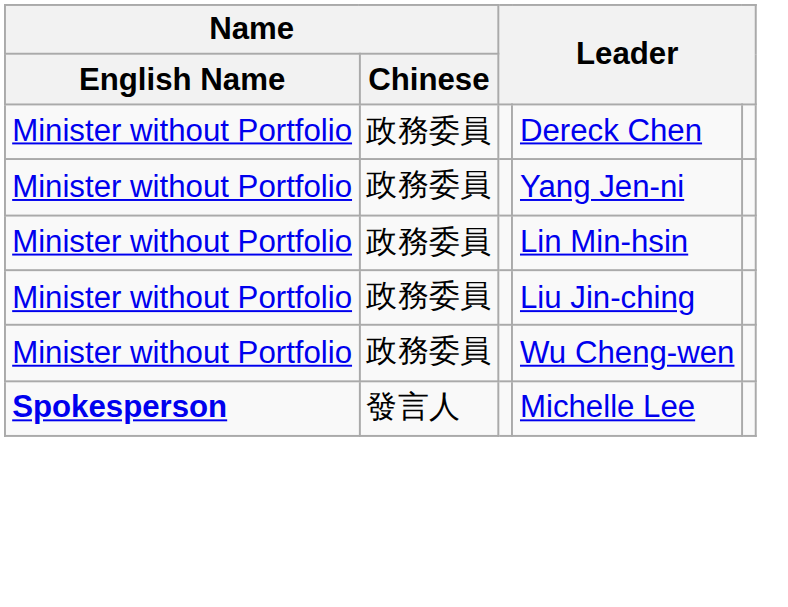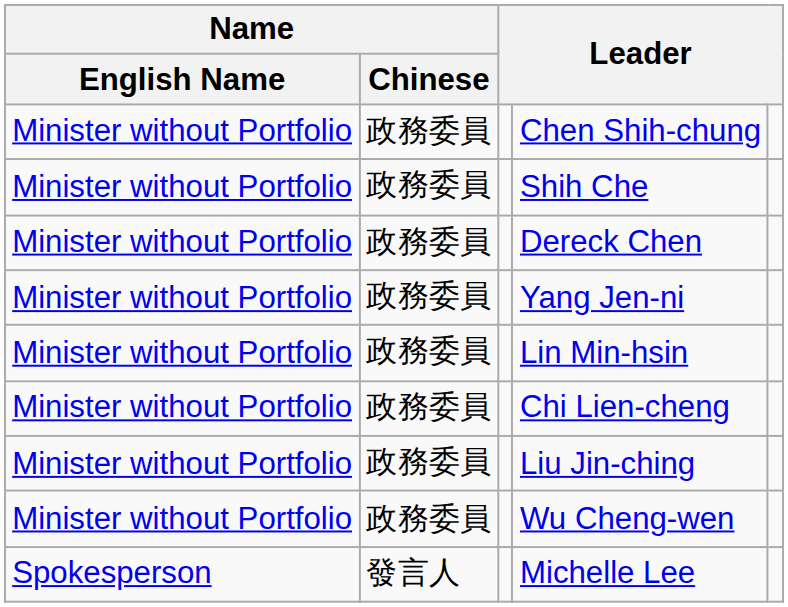 <table class="wikitable sortable">
 <tr>
 <th colspan="2">Name</th>
 <th colspan="3" rowspan="2">Leader</th>
 </tr>
 <tr>
 <th>English Name</th>
 <th>Chinese</th>
+</tr>
+<tr>
+<td><a href='#'>Minister without Portfolio</a></td>
+<td>政務委員</td>
+<td style="background:"></td>
+<td><a href='#'>Chen Shih-chung</a></td>
+<td></td>
+</tr>
+<tr>
+<td><a href='#'>Minister without Portfolio</a></td>
+<td>政務委員</td>
+<td style="background:"></td>
+<td><a href='#'>Shih Che</a></td>
+<td></td>
 </tr>
 <tr>
 <td><a href='#'>Minister without Portfolio</a></td>
 <td>政務委員</td>
 <td style="background:"></td>
 <td><a href='#'>Dereck Chen</a></td>
 <td></td>
 </tr>
 <tr>
 <td><a href='#'>Minister without Portfolio</a></td>
 <td>政務委員</td>
 <td style="background:"></td>
 <td><a href='#'>Yang Jen-ni</a></td>
 <td></td>
 </tr>
 <tr>
 <td><a href='#'>Minister without Portfolio</a></td>
 <td>政務委員</td>
 <td style="background:"></td>
 <td><a href='#'>Lin Min-hsin</a></td>
 <td></td>
 </tr>
 <tr>
 <td><a href='#'>Minister without Portfolio</a></td>
 <td>政務委員</td>
 <td style="background:"></td>
+<td><a href='#'>Chi Lien-cheng</a></td>
+<td></td>
+</tr>
+<tr>
+<td><a href='#'>Minister without Portfolio</a></td>
+<td>政務委員</td>
+<td style="background:"></td>
 <td><a href='#'>Liu Jin-ching</a></td>
 <td></td>
 </tr>
 <tr>
 <td><a href='#'>Minister without Portfolio</a></td>
 <td>政務委員</td>
 <td style="background:"></td>
 <td><a href='#'>Wu Cheng-wen</a></td>
 <td></td>
 </tr>
 <tr>
-<td><strong><a href='#'>Spokesperson</a></strong></td>
+<td><a href='#'>Spokesperson</a></td>
 <td>發言人</td>
 <td style="background:"></td>
 <td><a href='#'>Michelle Lee</a></td>
 <td></td>
 </tr>
 </table>
